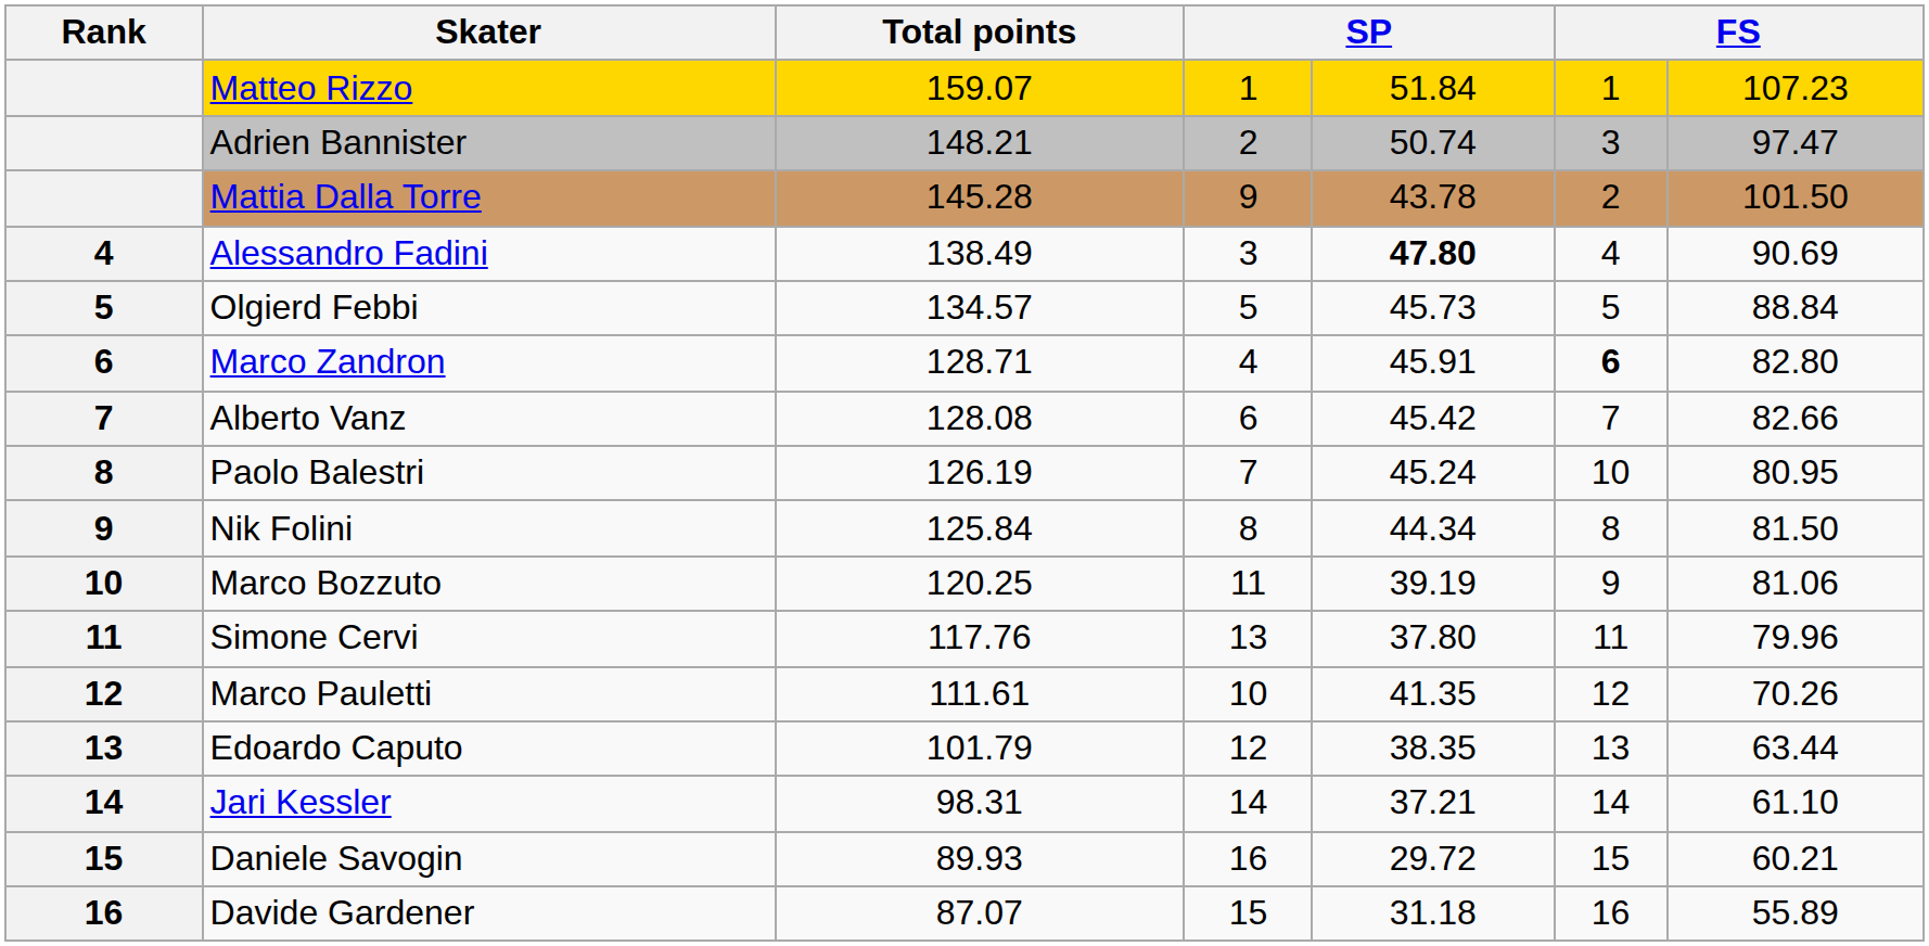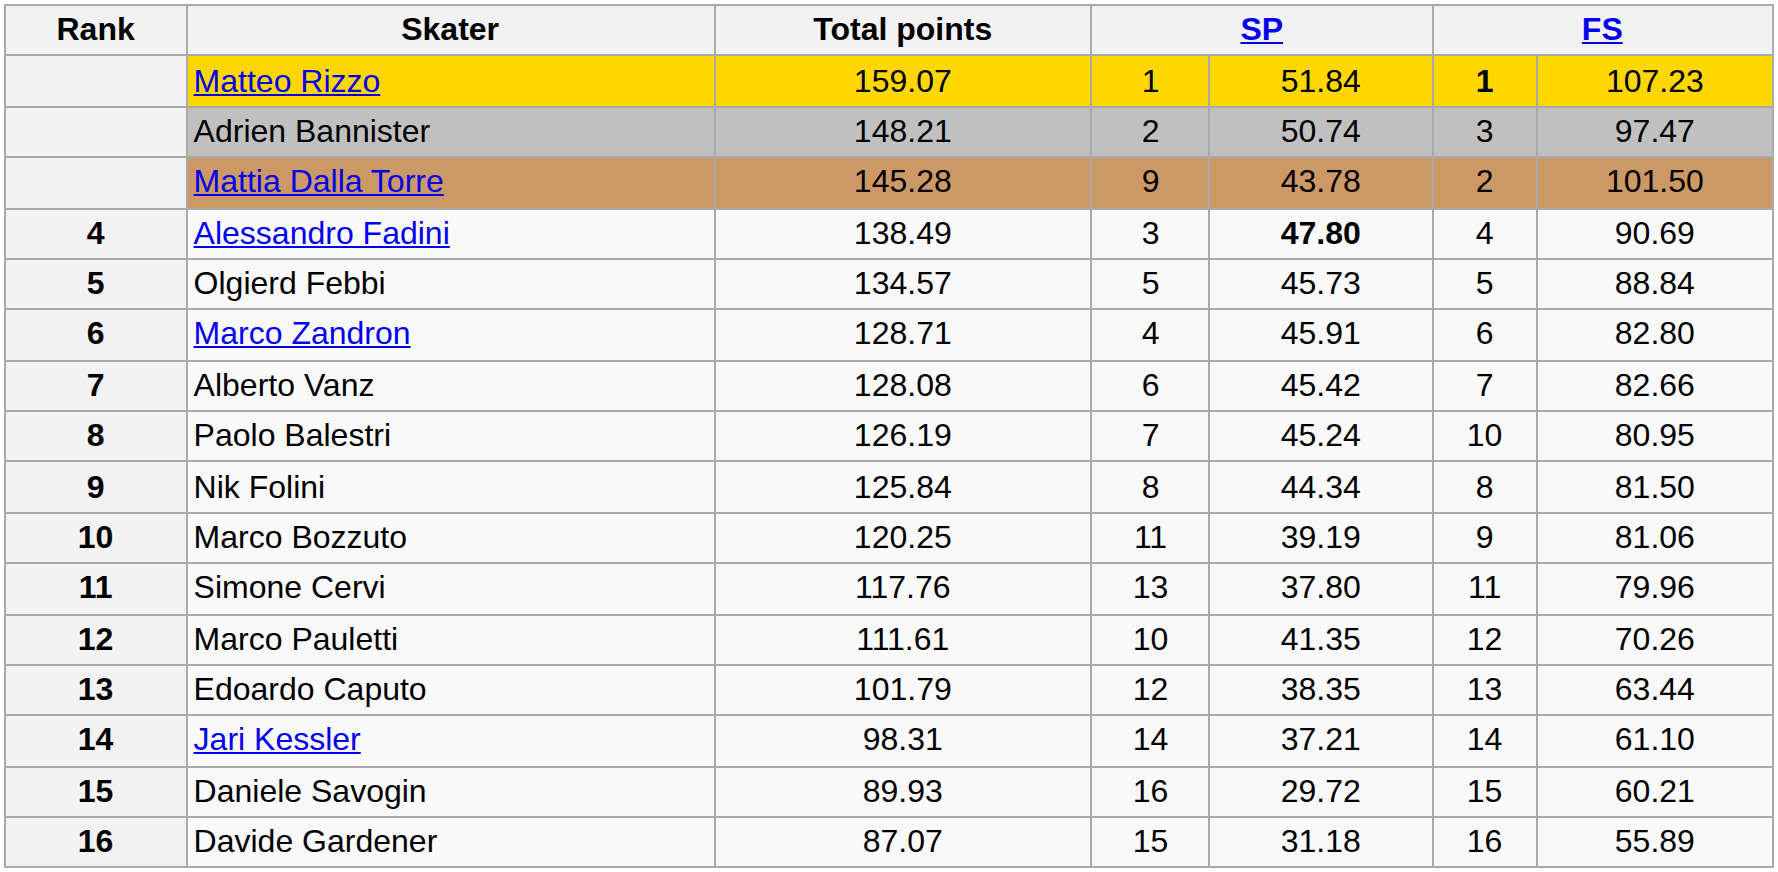 <table class="wikitable sortable" style="text-align:left;" width="70%">
 <tr>
 <th scope="col">Rank</th>
 <th scope="col">Skater</th>
 <th scope="col">Total points</th>
 <th colspan="2" width="80px"><a href='#'>SP</a></th>
 <th colspan="2" width="80px"><a href='#'>FS</a></th>
 </tr>
 <tr bgcolor="gold">
 <th scope="row"></th>
 <td><a href='#'>Matteo Rizzo</a></td>
 <td style="text-align: center;">159.07</td>
 <td style="text-align: center;">1</td>
 <td style="text-align: center;">51.84</td>
-<td style="text-align: center;">1</td>
+<td style="text-align: center;"><strong>1</strong></td>
 <td style="text-align: center;">107.23</td>
 </tr>
 <tr bgcolor="silver">
 <th scope="row"></th>
 <td>Adrien Bannister</td>
 <td style="text-align: center;">148.21</td>
 <td style="text-align: center;">2</td>
 <td style="text-align: center;">50.74</td>
 <td style="text-align: center;">3</td>
 <td style="text-align: center;">97.47</td>
 </tr>
 <tr bgcolor="cc9966">
 <th scope="row"></th>
 <td><a href='#'>Mattia Dalla Torre</a></td>
 <td style="text-align: center;">145.28</td>
 <td style="text-align: center;">9</td>
 <td style="text-align: center;">43.78</td>
 <td style="text-align: center;">2</td>
 <td style="text-align: center;">101.50</td>
 </tr>
 <tr>
 <th scope="row">4</th>
 <td><a href='#'>Alessandro Fadini</a></td>
 <td style="text-align: center;">138.49</td>
 <td style="text-align: center;">3</td>
 <td style="text-align: center;"><strong>47.80</strong></td>
 <td style="text-align: center;">4</td>
 <td style="text-align: center;">90.69</td>
 </tr>
 <tr>
 <th scope="row">5</th>
 <td>Olgierd Febbi</td>
 <td style="text-align: center;">134.57</td>
 <td style="text-align: center;">5</td>
 <td style="text-align: center;">45.73</td>
 <td style="text-align: center;">5</td>
 <td style="text-align: center;">88.84</td>
 </tr>
 <tr>
 <th scope="row">6</th>
 <td><a href='#'>Marco Zandron</a></td>
 <td style="text-align: center;">128.71</td>
 <td style="text-align: center;">4</td>
 <td style="text-align: center;">45.91</td>
-<td style="text-align: center;"><strong>6</strong></td>
+<td style="text-align: center;">6</td>
 <td style="text-align: center;">82.80</td>
 </tr>
 <tr>
 <th scope="row">7</th>
 <td>Alberto Vanz</td>
 <td style="text-align: center;">128.08</td>
 <td style="text-align: center;">6</td>
 <td style="text-align: center;">45.42</td>
 <td style="text-align: center;">7</td>
 <td style="text-align: center;">82.66</td>
 </tr>
 <tr>
 <th scope="row">8</th>
 <td>Paolo Balestri</td>
 <td style="text-align: center;">126.19</td>
 <td style="text-align: center;">7</td>
 <td style="text-align: center;">45.24</td>
 <td style="text-align: center;">10</td>
 <td style="text-align: center;">80.95</td>
 </tr>
 <tr>
 <th scope="row">9</th>
 <td>Nik Folini</td>
 <td style="text-align: center;">125.84</td>
 <td style="text-align: center;">8</td>
 <td style="text-align: center;">44.34</td>
 <td style="text-align: center;">8</td>
 <td style="text-align: center;">81.50</td>
 </tr>
 <tr>
 <th scope="row">10</th>
 <td>Marco Bozzuto</td>
 <td style="text-align: center;">120.25</td>
 <td style="text-align: center;">11</td>
 <td style="text-align: center;">39.19</td>
 <td style="text-align: center;">9</td>
 <td style="text-align: center;">81.06</td>
 </tr>
 <tr>
 <th scope="row">11</th>
 <td>Simone Cervi</td>
 <td style="text-align: center;">117.76</td>
 <td style="text-align: center;">13</td>
 <td style="text-align: center;">37.80</td>
 <td style="text-align: center;">11</td>
 <td style="text-align: center;">79.96</td>
 </tr>
 <tr>
 <th scope="row">12</th>
 <td>Marco Pauletti</td>
 <td style="text-align: center;">111.61</td>
 <td style="text-align: center;">10</td>
 <td style="text-align: center;">41.35</td>
 <td style="text-align: center;">12</td>
 <td style="text-align: center;">70.26</td>
 </tr>
 <tr>
 <th scope="row">13</th>
 <td>Edoardo Caputo</td>
 <td style="text-align: center;">101.79</td>
 <td style="text-align: center;">12</td>
 <td style="text-align: center;">38.35</td>
 <td style="text-align: center;">13</td>
 <td style="text-align: center;">63.44</td>
 </tr>
 <tr>
 <th scope="row">14</th>
 <td><a href='#'>Jari Kessler</a></td>
 <td style="text-align: center;">98.31</td>
 <td style="text-align: center;">14</td>
 <td style="text-align: center;">37.21</td>
 <td style="text-align: center;">14</td>
 <td style="text-align: center;">61.10</td>
 </tr>
 <tr>
 <th scope="row">15</th>
 <td>Daniele Savogin</td>
 <td style="text-align: center;">89.93</td>
 <td style="text-align: center;">16</td>
 <td style="text-align: center;">29.72</td>
 <td style="text-align: center;">15</td>
 <td style="text-align: center;">60.21</td>
 </tr>
 <tr>
 <th scope="row">16</th>
 <td>Davide Gardener</td>
 <td style="text-align: center;">87.07</td>
 <td style="text-align: center;">15</td>
 <td style="text-align: center;">31.18</td>
 <td style="text-align: center;">16</td>
 <td style="text-align: center;">55.89</td>
 </tr>
 </table>
